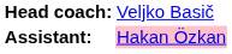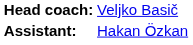 <table>
 <tr>
 <td><strong>Head coach:</strong></td>
 <td><a href='#'>Veljko Basič</a></td>
 </tr>
 <tr>
 <td><strong>Assistant:</strong></td>
-<td style="background: pink;"><a href='#'>Hakan Özkan</a></td>
+<td><a href='#'>Hakan Özkan</a></td>
 </tr>
 </table>
